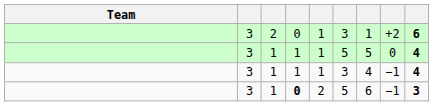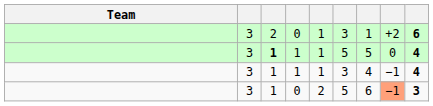 <table class="wikitable" style="text-align: center;">
 <tr>
 <th width=250>Team</th>
 <th width="20"></th>
 <th width="20"></th>
 <th width="20"></th>
 <th width="20"></th>
 <th width="20"></th>
 <th width="20"></th>
 <th width="20"></th>
 <th width="20"></th>
 </tr>
 <tr bgcolor=ccffcc>
 <td align="left"></td>
 <td>3</td>
 <td>2</td>
 <td>0</td>
 <td>1</td>
 <td>3</td>
 <td>1</td>
 <td>+2</td>
 <td><strong>6</strong></td>
 </tr>
 <tr bgcolor=ccffcc>
 <td align="left"></td>
 <td>3</td>
-<td>1</td>
+<td><strong>1</strong></td>
 <td>1</td>
 <td>1</td>
 <td>5</td>
 <td>5</td>
 <td>0</td>
 <td><strong>4</strong></td>
 </tr>
 <tr>
 <td align="left"></td>
 <td>3</td>
 <td>1</td>
 <td>1</td>
 <td>1</td>
 <td>3</td>
 <td>4</td>
 <td>−1</td>
 <td><strong>4</strong></td>
 </tr>
 <tr>
 <td align="left"></td>
 <td>3</td>
 <td>1</td>
-<td><strong>0</strong></td>
+<td>0</td>
 <td>2</td>
 <td>5</td>
 <td>6</td>
-<td>−1</td>
+<td style="background: lightsalmon;">−1</td>
 <td><strong>3</strong></td>
 </tr>
 </table>
